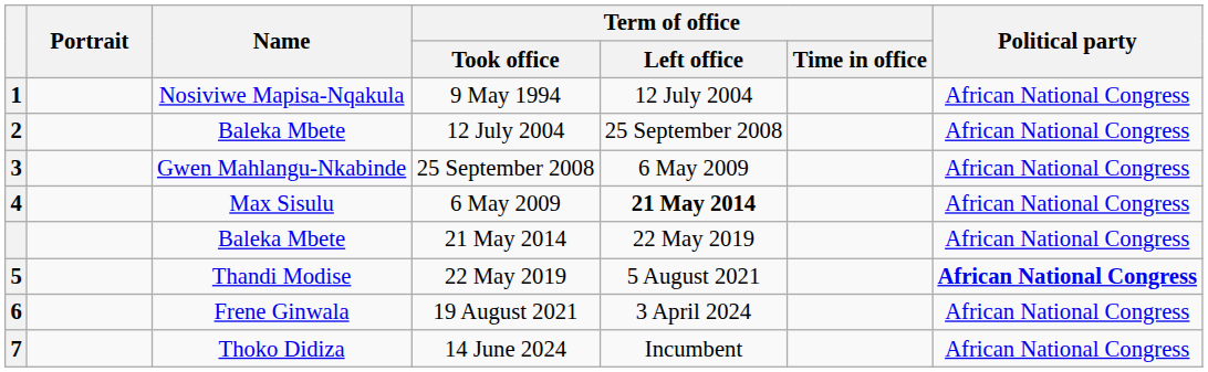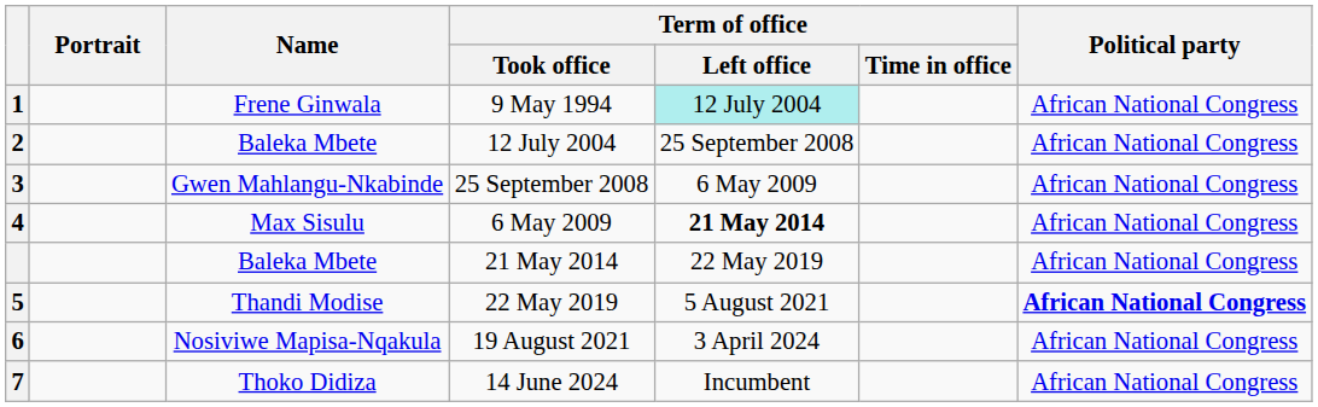 <table class="wikitable" style="text-align:center;">
 <tr>
 <th rowspan=2></th>
 <th rowspan=2 style="width:80px;">Portrait</th>
 <th rowspan=2>Name<br></th>
 <th colspan=3>Term of office</th>
 <th rowspan=2>Political party</th>
 </tr>
 <tr>
 <th>Took office</th>
 <th>Left office</th>
 <th>Time in office</th>
 </tr>
 <tr>
 <th style="background:">1</th>
 <td></td>
-<td><a href='#'>Nosiviwe Mapisa-Nqakula</a><br></td>
+<td><a href='#'>Frene Ginwala</a><br></td>
 <td>9 May 1994</td>
-<td>12 July 2004</td>
+<td style="background: paleturquoise;">12 July 2004</td>
 <td></td>
 <td><a href='#'>African National Congress</a></td>
 </tr>
 <tr>
 <th style="background:">2</th>
 <td></td>
 <td><a href='#'>Baleka Mbete</a><br></td>
 <td>12 July 2004</td>
 <td>25 September 2008</td>
 <td></td>
 <td><a href='#'>African National Congress</a></td>
 </tr>
 <tr>
 <th style="background:">3</th>
 <td></td>
 <td><a href='#'>Gwen Mahlangu-Nkabinde</a><br></td>
 <td>25 September 2008</td>
 <td>6 May 2009</td>
 <td></td>
 <td><a href='#'>African National Congress</a></td>
 </tr>
 <tr>
 <th style="background:">4</th>
 <td></td>
 <td><a href='#'>Max Sisulu</a><br></td>
 <td>6 May 2009</td>
 <td><strong>21 May 2014</strong></td>
 <td></td>
 <td><a href='#'>African National Congress</a></td>
 </tr>
 <tr>
 <th style="background:"></th>
 <td></td>
 <td><a href='#'>Baleka Mbete</a><br></td>
 <td>21 May 2014</td>
 <td>22 May 2019</td>
 <td></td>
 <td><a href='#'>African National Congress</a></td>
 </tr>
 <tr>
 <th style="background:">5</th>
 <td></td>
 <td><a href='#'>Thandi Modise</a><br></td>
 <td>22 May 2019</td>
 <td>5 August 2021</td>
 <td></td>
 <td><strong><a href='#'>African National Congress</a></strong></td>
 </tr>
 <tr>
 <th style="background:">6</th>
 <td></td>
-<td><a href='#'>Frene Ginwala</a><br></td>
+<td><a href='#'>Nosiviwe Mapisa-Nqakula</a><br></td>
 <td>19 August 2021</td>
 <td>3 April 2024</td>
 <td></td>
 <td><a href='#'>African National Congress</a></td>
 </tr>
 <tr>
 <th style="background:">7</th>
 <td></td>
 <td><a href='#'>Thoko Didiza</a><br></td>
 <td>14 June 2024</td>
 <td>Incumbent</td>
 <td></td>
 <td><a href='#'>African National Congress</a></td>
 </tr>
 </table>
